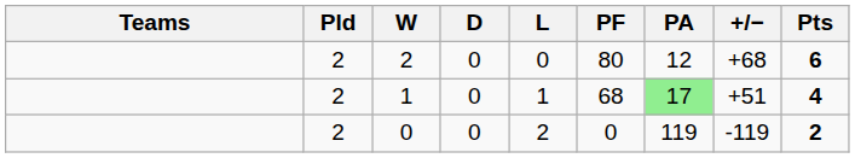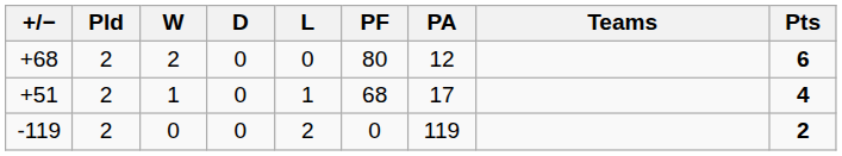 <table class="wikitable" style="text-align: center;">
 <tr>
-<th width="200">Teams</th>
+<th width="40">+/−</th>
 <th width="40">Pld</th>
 <th width="40">W</th>
 <th width="40">D</th>
 <th width="40">L</th>
 <th width="40">PF</th>
 <th width="40">PA</th>
-<th width="40">+/−</th>
+<th width="200">Teams</th>
 <th width="40">Pts</th>
 </tr>
 <tr>
-<td align=left></td>
+<td>+68</td>
 <td>2</td>
 <td>2</td>
 <td>0</td>
 <td>0</td>
 <td>80</td>
 <td>12</td>
-<td>+68</td>
+<td align=left></td>
 <td><strong>6</strong></td>
 </tr>
 <tr>
-<td align=left></td>
+<td>+51</td>
 <td>2</td>
 <td>1</td>
 <td>0</td>
 <td>1</td>
 <td>68</td>
-<td style="background: lightgreen;">17</td>
-<td>+51</td>
+<td>17</td>
+<td align=left></td>
 <td><strong>4</strong></td>
 </tr>
 <tr>
-<td align=left></td>
+<td>-119</td>
 <td>2</td>
 <td>0</td>
 <td>0</td>
 <td>2</td>
 <td>0</td>
 <td>119</td>
-<td>-119</td>
+<td align=left></td>
 <td><strong>2</strong></td>
 </tr>
 </table>
